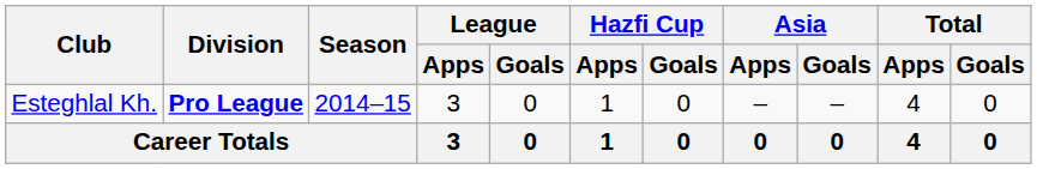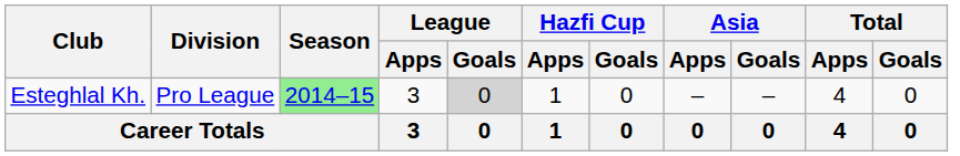 <table class="wikitable" style="text-align: center;">
 <tr>
 <th rowspan="2">Club</th>
 <th rowspan="2">Division</th>
 <th rowspan="2">Season</th>
 <th colspan="2">League</th>
 <th colspan="2"><a href='#'>Hazfi Cup</a></th>
 <th colspan="2"><a href='#'>Asia</a></th>
 <th colspan="2">Total</th>
 </tr>
 <tr>
 <th>Apps</th>
 <th>Goals</th>
 <th>Apps</th>
 <th>Goals</th>
 <th>Apps</th>
 <th>Goals</th>
 <th>Apps</th>
 <th>Goals</th>
 </tr>
 <tr>
 <td><a href='#'>Esteghlal Kh.</a></td>
-<td><strong><a href='#'>Pro League</a></strong></td>
-<td><a href='#'>2014–15</a></td>
+<td><a href='#'>Pro League</a></td>
+<td style="background: lightgreen;"><a href='#'>2014–15</a></td>
 <td>3</td>
-<td>0</td>
+<td style="background: lightgrey;">0</td>
 <td>1</td>
 <td>0</td>
 <td>–</td>
 <td>–</td>
 <td>4</td>
 <td>0</td>
 </tr>
 <tr>
 <th colspan=3>Career Totals</th>
 <th>3</th>
 <th>0</th>
 <th>1</th>
 <th>0</th>
 <th>0</th>
 <th>0</th>
 <th>4</th>
 <th>0</th>
 </tr>
 </table>
